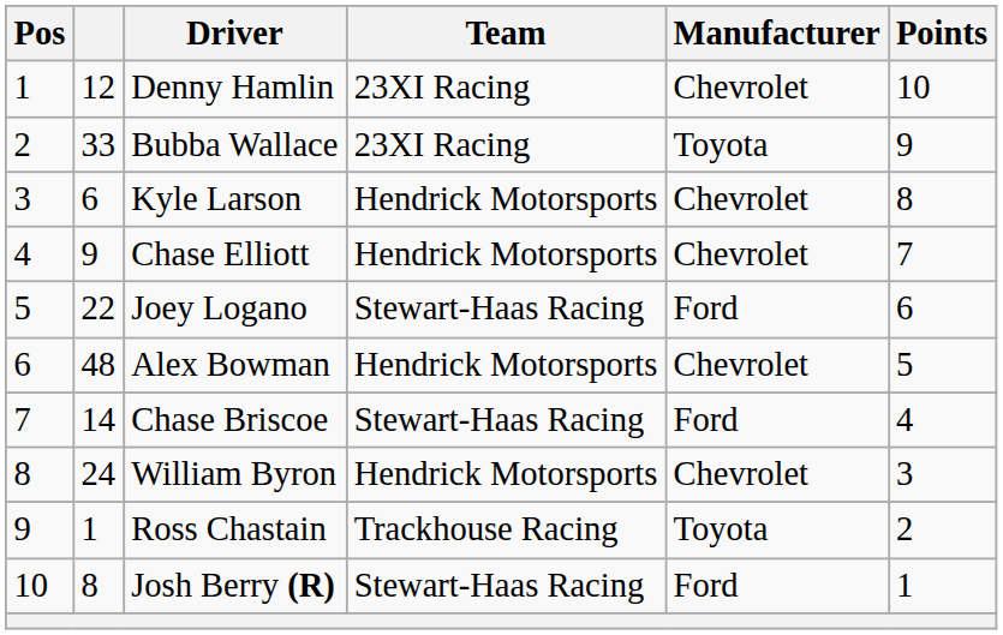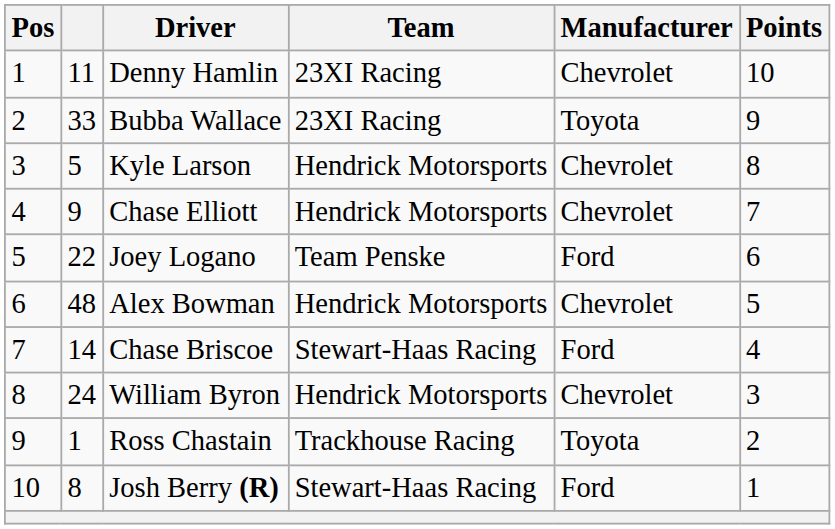 <table class="wikitable" style="font-size:98%">
 <tr>
 <th>Pos</th>
 <th></th>
 <th>Driver</th>
 <th>Team</th>
 <th>Manufacturer</th>
 <th>Points</th>
 </tr>
 <tr>
 <td>1</td>
-<td>12</td>
+<td>11</td>
 <td>Denny Hamlin</td>
 <td>23XI Racing</td>
 <td>Chevrolet</td>
 <td>10</td>
 </tr>
 <tr>
 <td>2</td>
 <td>33</td>
 <td>Bubba Wallace</td>
 <td>23XI Racing</td>
 <td>Toyota</td>
 <td>9</td>
 </tr>
 <tr>
 <td>3</td>
-<td>6</td>
+<td>5</td>
 <td>Kyle Larson</td>
 <td>Hendrick Motorsports</td>
 <td>Chevrolet</td>
 <td>8</td>
 </tr>
 <tr>
 <td>4</td>
 <td>9</td>
 <td>Chase Elliott</td>
 <td>Hendrick Motorsports</td>
 <td>Chevrolet</td>
 <td>7</td>
 </tr>
 <tr>
 <td>5</td>
 <td>22</td>
 <td>Joey Logano</td>
-<td>Stewart-Haas Racing</td>
+<td>Team Penske</td>
 <td>Ford</td>
 <td>6</td>
 </tr>
 <tr>
 <td>6</td>
 <td>48</td>
 <td>Alex Bowman</td>
 <td>Hendrick Motorsports</td>
 <td>Chevrolet</td>
 <td>5</td>
 </tr>
 <tr>
 <td>7</td>
 <td>14</td>
 <td>Chase Briscoe</td>
 <td>Stewart-Haas Racing</td>
 <td>Ford</td>
 <td>4</td>
 </tr>
 <tr>
 <td>8</td>
 <td>24</td>
 <td>William Byron</td>
 <td>Hendrick Motorsports</td>
 <td>Chevrolet</td>
 <td>3</td>
 </tr>
 <tr>
 <td>9</td>
 <td>1</td>
 <td>Ross Chastain</td>
 <td>Trackhouse Racing</td>
 <td>Toyota</td>
 <td>2</td>
 </tr>
 <tr>
 <td>10</td>
 <td>8</td>
 <td>Josh Berry <strong>(R)</strong></td>
 <td>Stewart-Haas Racing</td>
 <td>Ford</td>
 <td>1</td>
 </tr>
 <tr>
 <th colspan="6"></th>
 </tr>
 </table>
